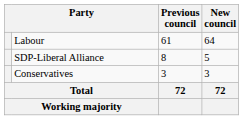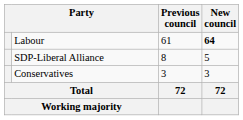 <table class="wikitable">
 <tr>
 <th valign=top colspan="2" style="width: 230px">Party</th>
 <th valign=top style="width: 30px">Previous council</th>
 <th valign=top style="width: 30px">New council</th>
 </tr>
 <tr>
 <th style="background-color: "></th>
 <td>Labour</td>
 <td>61</td>
-<td>64</td>
+<td><strong>64</strong></td>
 </tr>
 <tr>
 <th style="background-color: "></th>
 <td>SDP-Liberal Alliance</td>
 <td>8</td>
 <td>5</td>
 </tr>
 <tr>
 <th style="background-color: "></th>
 <td>Conservatives</td>
 <td>3</td>
 <td>3</td>
 </tr>
 <tr>
 <th colspan=2>Total</th>
 <th style="text-align: center">72</th>
 <th colspan=3>72</th>
 </tr>
 <tr>
 <th colspan=2>Working majority</th>
 <th></th>
 <th></th>
 </tr>
 </table>
